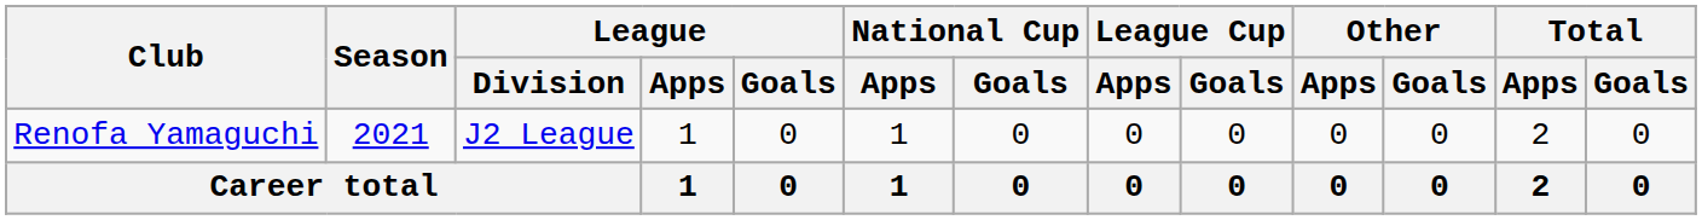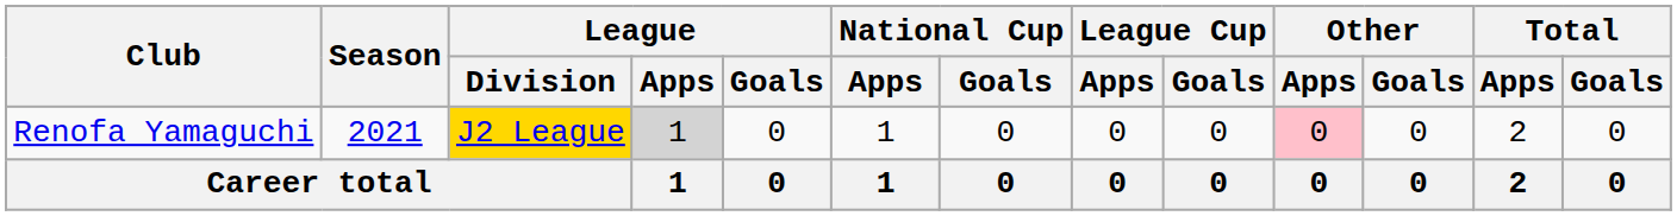 <table class="wikitable" style="text-align: center">
 <tr>
 <th rowspan="2">Club</th>
 <th rowspan="2">Season</th>
 <th colspan="3">League</th>
 <th colspan="2">National Cup</th>
 <th colspan="2">League Cup</th>
 <th colspan="2">Other</th>
 <th colspan="2">Total</th>
 </tr>
 <tr>
 <th>Division</th>
 <th>Apps</th>
 <th>Goals</th>
 <th>Apps</th>
 <th>Goals</th>
 <th>Apps</th>
 <th>Goals</th>
 <th>Apps</th>
 <th>Goals</th>
 <th>Apps</th>
 <th>Goals</th>
 </tr>
 <tr>
 <td><a href='#'>Renofa Yamaguchi</a></td>
 <td><a href='#'>2021</a></td>
-<td><a href='#'>J2 League</a></td>
-<td>1</td>
+<td style="background: gold;"><a href='#'>J2 League</a></td>
+<td style="background: lightgrey;">1</td>
 <td>0</td>
 <td>1</td>
 <td>0</td>
 <td>0</td>
 <td>0</td>
-<td>0</td>
+<td style="background: pink;">0</td>
 <td>0</td>
 <td>2</td>
 <td>0</td>
 </tr>
 <tr>
 <th colspan=3>Career total</th>
 <th>1</th>
 <th>0</th>
 <th>1</th>
 <th>0</th>
 <th>0</th>
 <th>0</th>
 <th>0</th>
 <th>0</th>
 <th>2</th>
 <th>0</th>
 </tr>
 </table>
